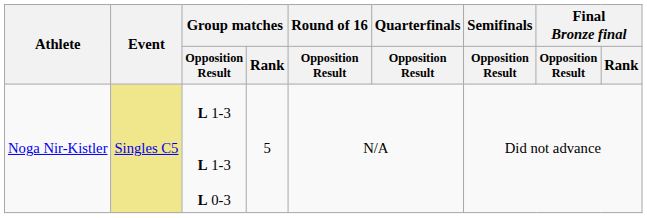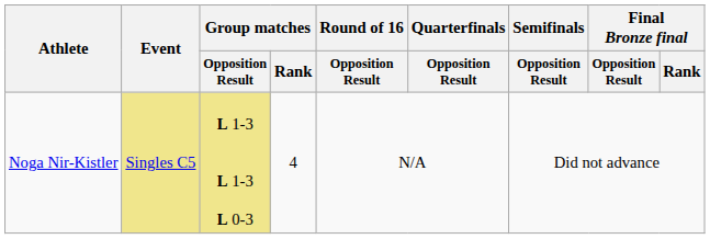 <table class=wikitable style="font-size:90%">
 <tr>
 <th rowspan="2">Athlete</th>
 <th rowspan="2">Event</th>
 <th colspan="2">Group matches</th>
 <th>Round of 16</th>
 <th>Quarterfinals</th>
 <th>Semifinals</th>
 <th colspan="2">Final<br><em>Bronze final</em></th>
 </tr>
 <tr>
 <th style="line-height:1em"><small>Opposition<br>Result</small></th>
 <th>Rank</th>
 <th style="line-height:1em"><small>Opposition<br>Result</small></th>
 <th style="line-height:1em"><small>Opposition<br>Result</small></th>
 <th style="line-height:1em"><small>Opposition<br>Result</small></th>
 <th style="line-height:1em"><small>Opposition<br>Result</small></th>
 <th>Rank</th>
 </tr>
 <tr>
 <td><a href='#'>Noga Nir-Kistler</a></td>
 <td style="background: khaki;"><a href='#'>Singles C5</a></td>
-<td align="center"><br> <strong>L</strong> 1-3<br><br><br> <strong>L</strong> 1-3<br> <br> <strong>L</strong> 0-3</td>
-<td align="center">5</td>
+<td align="center" style="background: khaki;"><br> <strong>L</strong> 1-3<br><br><br> <strong>L</strong> 1-3<br> <br> <strong>L</strong> 0-3</td>
+<td align="center">4</td>
 <td align="center" colspan="2">N/A</td>
 <td align="center" colspan="3">Did not advance</td>
 </tr>
 </table>
